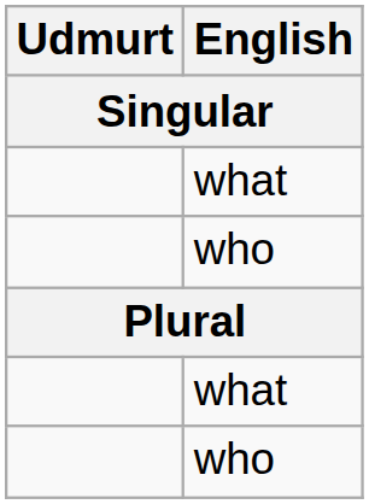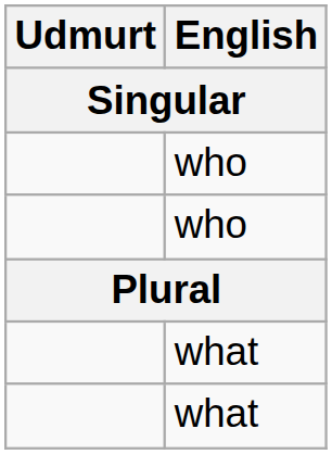 <table class="wikitable">
 <tr>
 <th>Udmurt</th>
 <th>English</th>
 </tr>
 <tr>
 <th colspan="2">Singular</th>
 </tr>
 <tr>
 <td> </td>
-<td>what</td>
+<td>who</td>
 </tr>
 <tr>
 <td> </td>
 <td>who</td>
 </tr>
 <tr>
 <th colspan="2">Plural</th>
 </tr>
 <tr>
 <td> </td>
 <td>what</td>
 </tr>
 <tr>
 <td> </td>
-<td>who</td>
+<td>what</td>
 </tr>
 </table>
